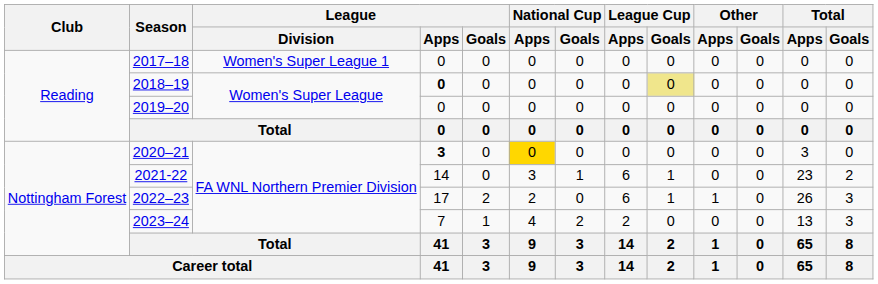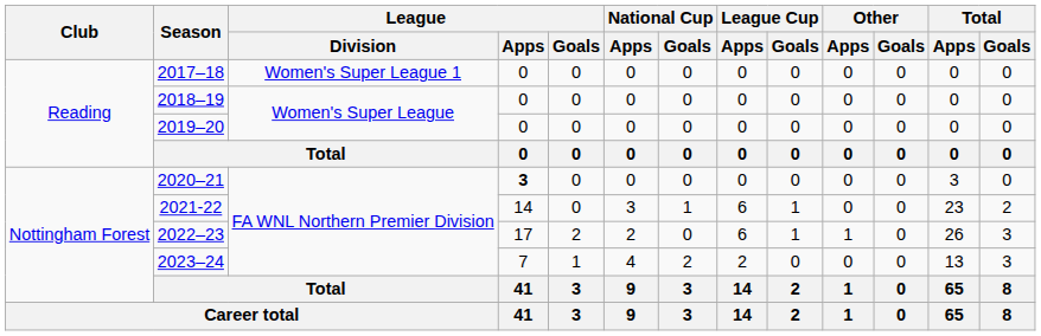 <table class="wikitable" style="text-align: center">
 <tr>
 <th rowspan="2">Club</th>
 <th rowspan="2">Season</th>
 <th colspan="3">League</th>
 <th colspan="2">National Cup</th>
 <th colspan="2">League Cup</th>
 <th colspan="2">Other</th>
 <th colspan="2">Total</th>
 </tr>
 <tr>
 <th>Division</th>
 <th>Apps</th>
 <th>Goals</th>
 <th>Apps</th>
 <th>Goals</th>
 <th>Apps</th>
 <th>Goals</th>
 <th>Apps</th>
 <th>Goals</th>
 <th>Apps</th>
 <th>Goals</th>
 </tr>
 <tr>
 <td rowspan="4"><a href='#'>Reading</a></td>
 <td><a href='#'>2017–18</a></td>
 <td><a href='#'>Women's Super League 1</a></td>
 <td>0</td>
 <td>0</td>
 <td>0</td>
 <td>0</td>
 <td>0</td>
 <td>0</td>
 <td>0</td>
 <td>0</td>
 <td>0</td>
 <td>0</td>
 </tr>
 <tr>
 <td><a href='#'>2018–19</a></td>
 <td rowspan="2"><a href='#'>Women's Super League</a></td>
-<td><strong>0</strong></td>
 <td>0</td>
 <td>0</td>
 <td>0</td>
 <td>0</td>
-<td style="background: khaki;">0</td>
+<td>0</td>
+<td>0</td>
 <td>0</td>
 <td>0</td>
 <td>0</td>
 <td>0</td>
 </tr>
 <tr>
 <td><a href='#'>2019–20</a></td>
 <td>0</td>
 <td>0</td>
 <td>0</td>
 <td>0</td>
 <td>0</td>
 <td>0</td>
 <td>0</td>
 <td>0</td>
 <td>0</td>
 <td>0</td>
 </tr>
 <tr>
 <th colspan="2">Total</th>
 <th>0</th>
 <th>0</th>
 <th>0</th>
 <th>0</th>
 <th>0</th>
 <th>0</th>
 <th>0</th>
 <th>0</th>
 <th>0</th>
 <th>0</th>
 </tr>
 <tr>
 <td rowspan="5"><a href='#'>Nottingham Forest</a></td>
 <td><a href='#'>2020–21</a></td>
 <td rowspan="4"><a href='#'>FA WNL Northern Premier Division</a></td>
 <td><strong>3</strong></td>
 <td>0</td>
-<td style="background: gold;">0</td>
+<td>0</td>
 <td>0</td>
 <td>0</td>
 <td>0</td>
 <td>0</td>
 <td>0</td>
 <td>3</td>
 <td>0</td>
 </tr>
 <tr>
 <td><a href='#'>2021-22</a></td>
 <td>14</td>
 <td>0</td>
 <td>3</td>
 <td>1</td>
 <td>6</td>
 <td>1</td>
 <td>0</td>
 <td>0</td>
 <td>23</td>
 <td>2</td>
 </tr>
 <tr>
 <td><a href='#'>2022–23</a></td>
 <td>17</td>
 <td>2</td>
 <td>2</td>
 <td>0</td>
 <td>6</td>
 <td>1</td>
 <td>1</td>
 <td>0</td>
 <td>26</td>
 <td>3</td>
 </tr>
 <tr>
 <td><a href='#'>2023–24</a></td>
 <td>7</td>
 <td>1</td>
 <td>4</td>
 <td>2</td>
 <td>2</td>
 <td>0</td>
 <td>0</td>
 <td>0</td>
 <td>13</td>
 <td>3</td>
 </tr>
 <tr>
 <th colspan="2">Total</th>
 <th>41</th>
 <th>3</th>
 <th>9</th>
 <th>3</th>
 <th>14</th>
 <th>2</th>
 <th>1</th>
 <th>0</th>
 <th>65</th>
 <th>8</th>
 </tr>
 <tr>
 <th colspan="3"><strong>Career total</strong></th>
 <th>41</th>
 <th>3</th>
 <th>9</th>
 <th>3</th>
 <th>14</th>
 <th>2</th>
 <th>1</th>
 <th>0</th>
 <th>65</th>
 <th>8</th>
 </tr>
 </table>
